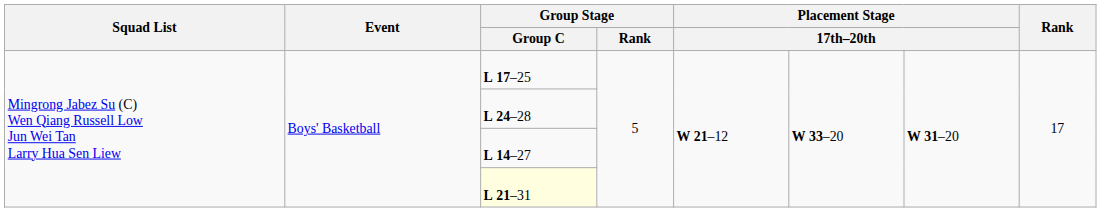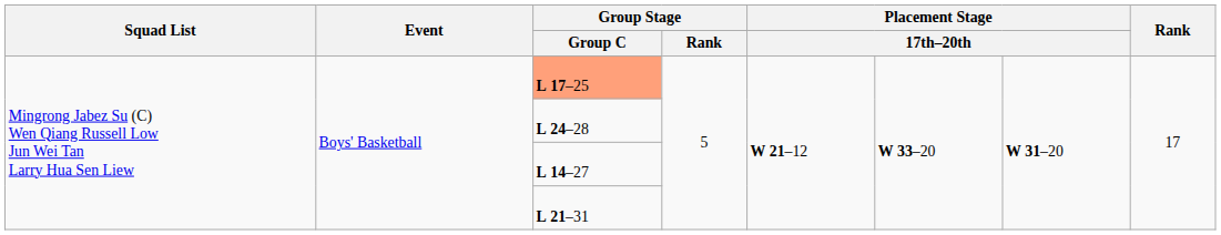 <table class="wikitable" width="90%" style="text-align:left; font-size:90%">
 <tr>
 <th rowspan="2">Squad List</th>
 <th rowspan="2">Event</th>
 <th colspan="2">Group Stage</th>
 <th colspan="3">Placement Stage</th>
 <th rowspan="2">Rank</th>
 </tr>
 <tr>
 <th>Group C</th>
 <th>Rank</th>
 <th colspan="3">17th–20th</th>
 </tr>
 <tr>
 <td rowspan="4"><a href='#'>Mingrong Jabez Su</a> (C)<br><a href='#'>Wen Qiang Russell Low</a><br><a href='#'>Jun Wei Tan</a><br><a href='#'>Larry Hua Sen Liew</a></td>
 <td rowspan="4"><a href='#'>Boys' Basketball</a></td>
-<td><br> <strong>L</strong> <strong>17</strong>–25</td>
+<td style="background: lightsalmon;"><br> <strong>L</strong> <strong>17</strong>–25</td>
 <td rowspan="4" align=center>5</td>
 <td rowspan="4"> <br> <strong>W</strong> <strong>21</strong>–12</td>
 <td rowspan="4"> <br> <strong>W</strong> <strong>33</strong>–20</td>
 <td rowspan="4"> <br> <strong>W</strong> <strong>31</strong>–20</td>
 <td rowspan="4" align="center">17</td>
 </tr>
 <tr>
 <td><br> <strong>L</strong> <strong>24</strong>–28</td>
 </tr>
 <tr>
 <td><br> <strong>L</strong> <strong>14</strong>–27</td>
 </tr>
 <tr>
-<td style="background: lightyellow;"><br> <strong>L</strong> <strong>21</strong>–31</td>
+<td><br> <strong>L</strong> <strong>21</strong>–31</td>
 </tr>
 </table>
